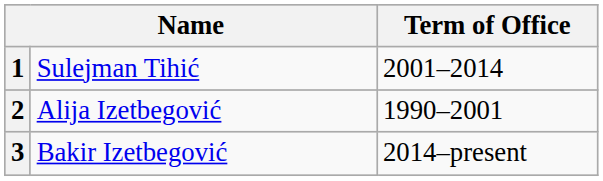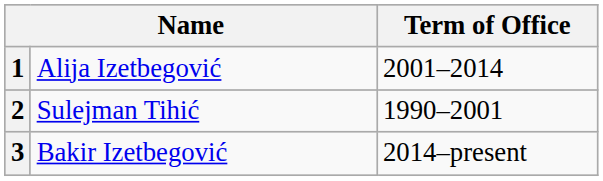 <table class="wikitable">
 <tr>
 <th colspan=2>Name</th>
 <th>Term of Office</th>
 </tr>
 <tr>
 <th style="background:">1</th>
-<td style="width:200px;"><a href='#'>Sulejman Tihić</a></td>
+<td style="width:200px;"><a href='#'>Alija Izetbegović</a></td>
 <td style="width:125px;">2001–2014</td>
 </tr>
 <tr>
 <th style="background:">2</th>
-<td style="width:200px;"><a href='#'>Alija Izetbegović</a></td>
+<td style="width:200px;"><a href='#'>Sulejman Tihić</a></td>
 <td style="width:125px;">1990–2001</td>
 </tr>
 <tr>
 <th style="background:">3</th>
 <td style="width:200px;"><a href='#'>Bakir Izetbegović</a></td>
 <td style="width:125px;">2014–present</td>
 </tr>
 </table>
